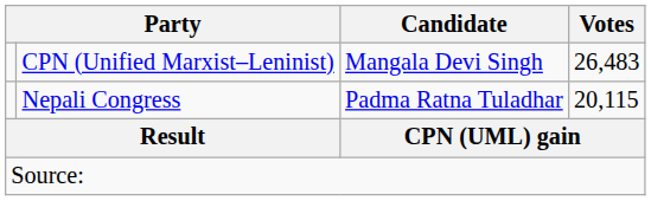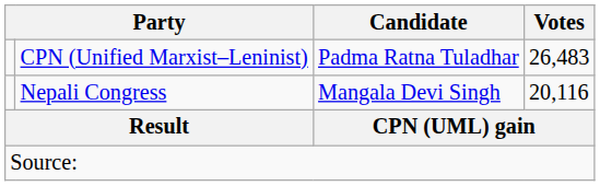 <table class="wikitable">
 <tr>
 <th colspan="2">Party</th>
 <th>Candidate</th>
 <th>Votes</th>
 </tr>
 <tr>
 <td style="background-color:"></td>
 <td><a href='#'>CPN (Unified Marxist–Leninist)</a></td>
-<td><a href='#'>Mangala Devi Singh</a></td>
+<td><a href='#'>Padma Ratna Tuladhar</a></td>
 <td>26,483</td>
 </tr>
 <tr>
 <td style="background-color:"></td>
 <td><a href='#'>Nepali Congress</a></td>
-<td><a href='#'>Padma Ratna Tuladhar</a></td>
-<td>20,115</td>
+<td><a href='#'>Mangala Devi Singh</a></td>
+<td>20,116</td>
 </tr>
 <tr>
 <th colspan="2">Result</th>
 <th colspan="2">CPN (UML) gain</th>
 </tr>
 <tr>
 <td colspan="4">Source: </td>
 </tr>
 </table>
